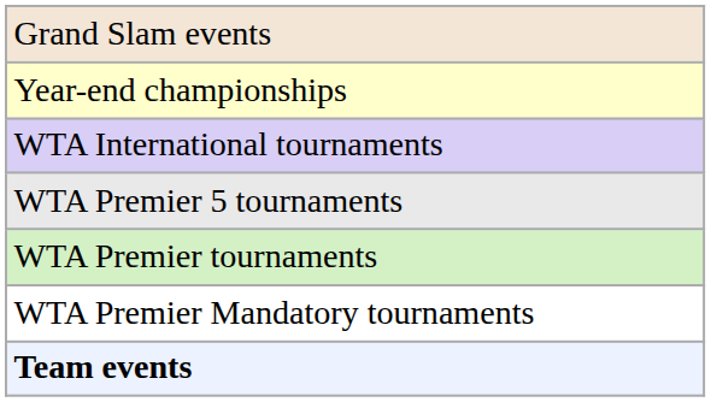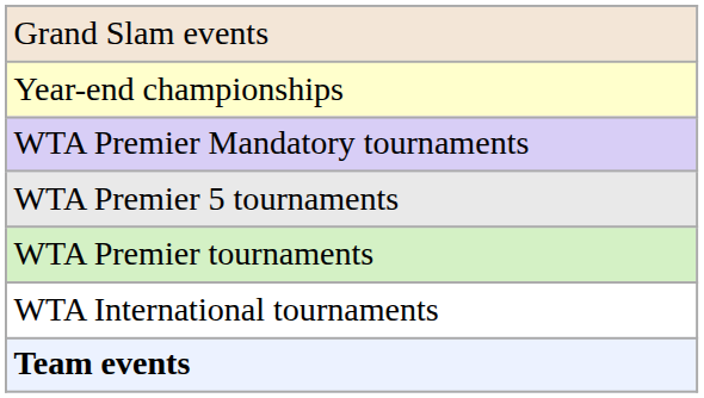 <table class="wikitable"  style="font-size:90%; width:15%;">
 <tr style="background:#f3e6d7;">
 <td>Grand Slam events</td>
 </tr>
 <tr style="background:#ffc;">
 <td>Year-end championships</td>
 </tr>
 <tr style="background:#d8cef6;">
-<td>WTA International tournaments</td>
+<td>WTA Premier Mandatory tournaments</td>
 </tr>
 <tr style="background:#e9e9e9;">
 <td>WTA Premier 5 tournaments</td>
 </tr>
 <tr style="background:#d4f1c5;">
 <td>WTA Premier tournaments</td>
 </tr>
 <tr style="background:#fff;">
-<td>WTA Premier Mandatory tournaments</td>
+<td>WTA International tournaments</td>
 </tr>
 <tr style="background:#ecf2ff;">
 <td><strong>Team events</strong></td>
 </tr>
 </table>
